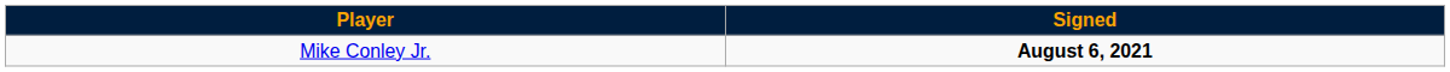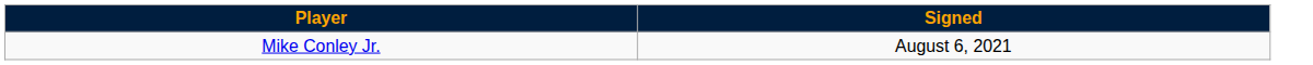 <table class="wikitable sortable sortable" style="text-align: center">
 <tr>
 <th style="background:#001e3f; color:#fca404" width="10%">Player</th>
 <th style="background:#001e3f; color:#fca404" width="10%">Signed</th>
 </tr>
 <tr style="text-align: center">
 <td><a href='#'>Mike Conley Jr.</a></td>
-<td><strong>August 6, 2021</strong></td>
+<td>August 6, 2021</td>
 </tr>
 </table>
